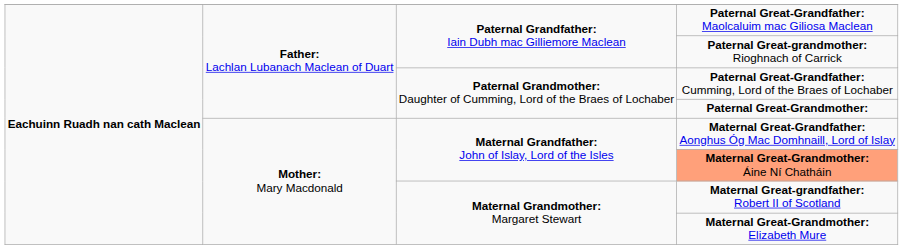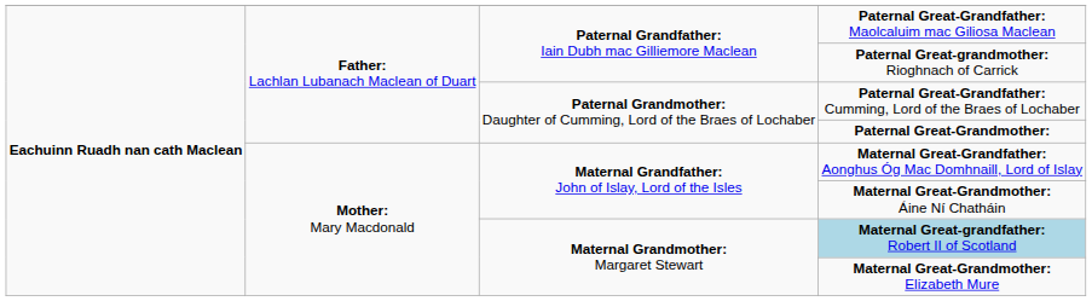 <table class="wikitable"  style="margin:1em auto;">
 <tr>
 </tr>
 <tr>
 <td rowspan="8" align="center"><strong>Eachuinn Ruadh nan cath Maclean</strong></td>
 <td rowspan="4" align="center"><strong>Father:</strong><br><a href='#'>Lachlan Lubanach Maclean of Duart</a></td>
 <td rowspan="2" align="center"><strong>Paternal Grandfather:</strong><br><a href='#'>Iain Dubh mac Gilliemore Maclean</a></td>
 <td align="center"><strong>Paternal Great-Grandfather:</strong><br><a href='#'>Maolcaluim mac Giliosa Maclean</a></td>
 </tr>
 <tr>
 <td align="center"><strong>Paternal Great-grandmother:</strong><br>Rioghnach of Carrick</td>
 </tr>
 <tr>
 <td rowspan="2" align="center"><strong>Paternal Grandmother:</strong><br>Daughter of Cumming, Lord of the Braes of Lochaber</td>
 <td align="center"><strong>Paternal Great-Grandfather:</strong><br>Cumming, Lord of the Braes of Lochaber</td>
 </tr>
 <tr>
 <td align="center"><strong>Paternal Great-Grandmother:</strong><br></td>
 </tr>
 <tr>
 <td rowspan="4" align="center"><strong>Mother:</strong><br>Mary Macdonald</td>
 <td rowspan="2" align="center"><strong>Maternal Grandfather:</strong><br><a href='#'>John of Islay, Lord of the Isles</a></td>
 <td align="center"><strong>Maternal Great-Grandfather:</strong><br><a href='#'>Aonghus Óg Mac Domhnaill, Lord of Islay</a></td>
 </tr>
 <tr>
-<td align="center" style="background: lightsalmon;"><strong>Maternal Great-Grandmother:</strong><br>Áine Ní Chatháin</td>
+<td align="center"><strong>Maternal Great-Grandmother:</strong><br>Áine Ní Chatháin</td>
 </tr>
 <tr>
 <td rowspan="2" align="center"><strong>Maternal Grandmother:</strong><br>Margaret Stewart</td>
-<td align="center"><strong>Maternal Great-grandfather:</strong><br><a href='#'>Robert II of Scotland</a></td>
+<td align="center" style="background: lightblue;"><strong>Maternal Great-grandfather:</strong><br><a href='#'>Robert II of Scotland</a></td>
 </tr>
 <tr>
 <td align="center"><strong>Maternal Great-Grandmother:</strong><br><a href='#'>Elizabeth Mure</a></td>
 </tr>
 </table>
